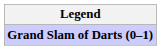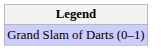 <table class="wikitable">
 <tr>
 <th>Legend</th>
 </tr>
 <tr style="background:#ccf;">
-<td><strong>Grand Slam of Darts (0–1)</strong></td>
+<td>Grand Slam of Darts (0–1)</td>
 </tr>
 </table>
